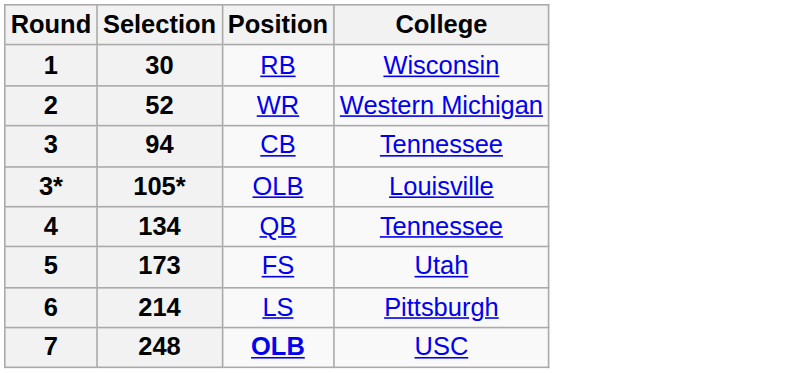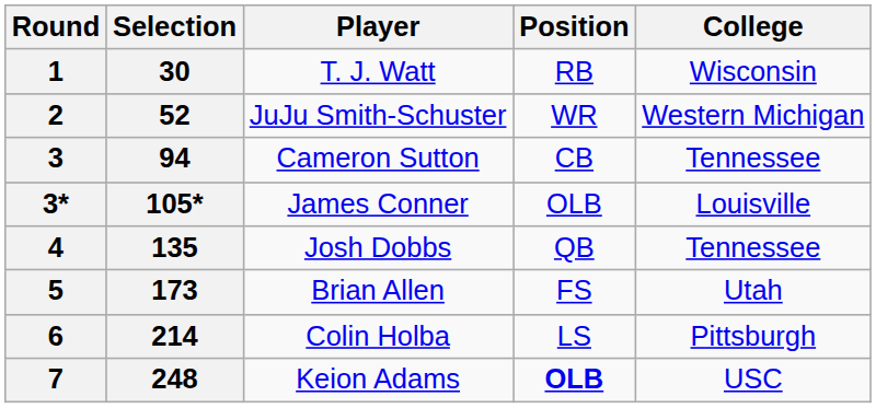 <table class="wikitable" style="text-align:center">
 <tr>
 <th>Round</th>
 <th>Selection</th>
+<th>Player</th>
 <th>Position</th>
 <th>College</th>
 </tr>
 <tr>
 <th>1</th>
 <th>30</th>
+<td><a href='#'>T. J. Watt</a></td>
 <td><a href='#'>RB</a></td>
 <td><a href='#'>Wisconsin</a></td>
 </tr>
 <tr>
 <th>2</th>
 <th>52</th>
+<td><a href='#'>JuJu Smith-Schuster</a></td>
 <td><a href='#'>WR</a></td>
 <td><a href='#'>Western Michigan</a></td>
 </tr>
 <tr>
 <th>3</th>
 <th>94</th>
+<td><a href='#'>Cameron Sutton</a></td>
 <td><a href='#'>CB</a></td>
 <td><a href='#'>Tennessee</a></td>
 </tr>
 <tr>
 <th>3*</th>
 <th>105*</th>
+<td><a href='#'>James Conner</a></td>
 <td><a href='#'>OLB</a></td>
 <td><a href='#'>Louisville</a></td>
 </tr>
 <tr>
 <th>4</th>
-<th>134</th>
+<th>135</th>
+<td><a href='#'>Josh Dobbs</a></td>
 <td><a href='#'>QB</a></td>
 <td><a href='#'>Tennessee</a></td>
 </tr>
 <tr>
 <th>5</th>
 <th>173</th>
+<td><a href='#'>Brian Allen</a></td>
 <td><a href='#'>FS</a></td>
 <td><a href='#'>Utah</a></td>
 </tr>
 <tr>
 <th>6</th>
 <th>214</th>
+<td><a href='#'>Colin Holba</a></td>
 <td><a href='#'>LS</a></td>
 <td><a href='#'>Pittsburgh</a></td>
 </tr>
 <tr>
 <th>7</th>
 <th>248</th>
+<td><a href='#'>Keion Adams</a></td>
 <td><strong><a href='#'>OLB</a></strong></td>
 <td><a href='#'>USC</a></td>
 </tr>
 </table>
